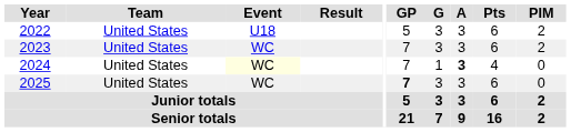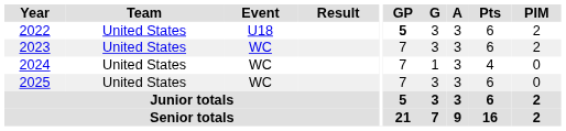 <table border="0" cellpadding="1" cellspacing="0" ID="Table3" style="text-align:center; width:40em">
 <tr ALIGN="center" bgcolor="#e0e0e0">
 <th>Year</th>
 <th>Team</th>
 <th>Event</th>
 <th>Result</th>
 <th rowspan="99" bgcolor="#ffffff"></th>
 <th>GP</th>
 <th>G</th>
 <th>A</th>
 <th>Pts</th>
 <th>PIM</th>
 </tr>
 <tr>
 <td><a href='#'>2022</a></td>
 <td><a href='#'>United States</a></td>
 <td><a href='#'>U18</a></td>
 <td></td>
-<td>5</td>
+<td><strong>5</strong></td>
 <td>3</td>
 <td>3</td>
 <td>6</td>
 <td>2</td>
 </tr>
 <tr bgcolor="#f0f0f0">
 <td><a href='#'>2023</a></td>
 <td><a href='#'>United States</a></td>
 <td><a href='#'>WC</a></td>
 <td></td>
 <td>7</td>
 <td>3</td>
 <td>3</td>
 <td>6</td>
 <td>2</td>
 </tr>
 <tr>
 <td><a href='#'>2024</a></td>
 <td>United States</td>
-<td style="background: lightyellow;">WC</td>
+<td>WC</td>
 <td></td>
 <td>7</td>
 <td>1</td>
-<td><strong>3</strong></td>
+<td>3</td>
 <td>4</td>
 <td>0</td>
 </tr>
 <tr bgcolor="#f0f0f0">
 <td><a href='#'>2025</a></td>
 <td>United States</td>
 <td>WC</td>
 <td></td>
-<td><strong>7</strong></td>
+<td>7</td>
 <td>3</td>
 <td>3</td>
 <td>6</td>
 <td>0</td>
 </tr>
 <tr bgcolor="#e0e0e0">
 <th colspan="4">Junior totals</th>
 <th>5</th>
 <th>3</th>
 <th>3</th>
 <th>6</th>
 <th>2</th>
 </tr>
 <tr bgcolor="#e0e0e0">
 <th colspan="4">Senior totals</th>
 <th>21</th>
 <th>7</th>
 <th>9</th>
 <th>16</th>
 <th>2</th>
 </tr>
 </table>
